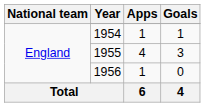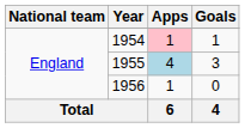 <table class="wikitable" style="text-align: center;">
 <tr>
 <th>National team</th>
 <th>Year</th>
 <th>Apps</th>
 <th>Goals</th>
 </tr>
 <tr>
 <td rowspan="4"><a href='#'>England</a></td>
 </tr>
 <tr>
 <td>1954</td>
-<td>1</td>
+<td style="background: pink;">1</td>
 <td>1</td>
 </tr>
 <tr>
 <td>1955</td>
-<td>4</td>
+<td style="background: lightblue;">4</td>
 <td>3</td>
 </tr>
 <tr>
 <td>1956</td>
 <td>1</td>
 <td>0</td>
 </tr>
 <tr>
 <th colspan="2">Total</th>
 <th>6</th>
 <th>4</th>
 </tr>
 </table>
